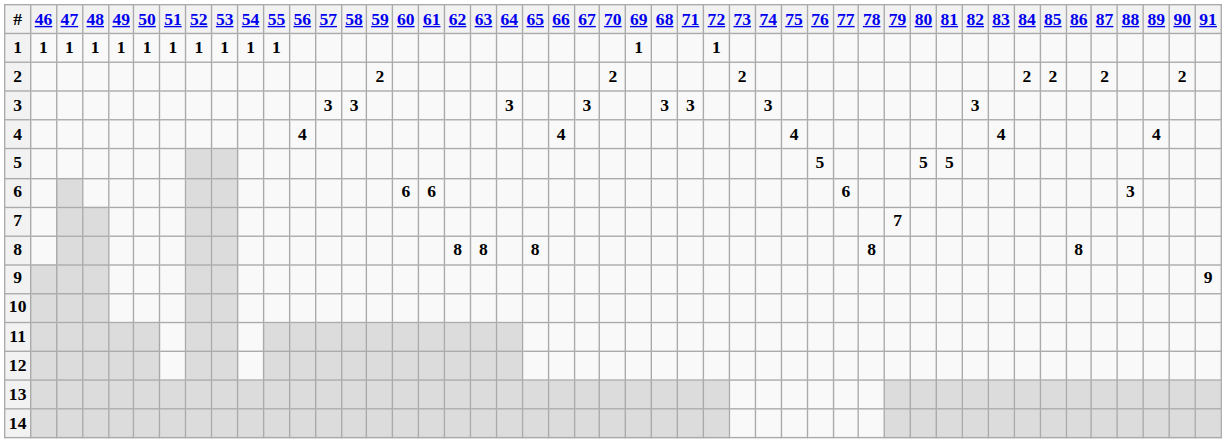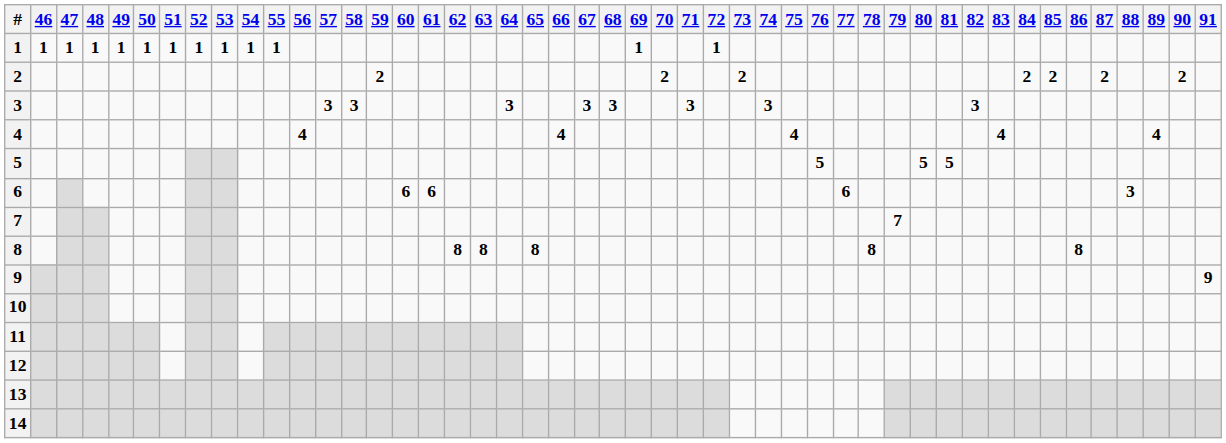 <table class="wikitable" style="text-align: center; font-size:80%">
 <tr>
 <th>#</th>
 <th><strong><a href='#'>46</a></strong></th>
 <th><strong><a href='#'>47</a></strong></th>
 <th><strong><a href='#'>48</a></strong></th>
 <th><strong><a href='#'>49</a></strong></th>
 <th><strong><a href='#'>50</a></strong></th>
 <th><strong><a href='#'>51</a></strong></th>
 <th><strong><a href='#'>52</a></strong></th>
 <th><strong><a href='#'>53</a></strong></th>
 <th><strong><a href='#'>54</a></strong></th>
 <th><strong><a href='#'>55</a></strong></th>
 <th><strong><a href='#'>56</a></strong></th>
 <th><strong><a href='#'>57</a></strong></th>
 <th><strong><a href='#'>58</a></strong></th>
 <th><strong><a href='#'>59</a></strong></th>
 <th><strong><a href='#'>60</a></strong></th>
 <th><strong><a href='#'>61</a></strong></th>
 <th><strong><a href='#'>62</a></strong></th>
 <th><strong><a href='#'>63</a></strong></th>
 <th><strong><a href='#'>64</a></strong></th>
 <th><strong><a href='#'>65</a></strong></th>
 <th><strong><a href='#'>66</a></strong></th>
 <th><strong><a href='#'>67</a></strong></th>
+<th><strong><a href='#'>68</a></strong></th>
+<th><strong><a href='#'>69</a></strong></th>
 <th><strong><a href='#'>70</a></strong></th>
-<th><strong><a href='#'>69</a></strong></th>
-<th><strong><a href='#'>68</a></strong></th>
 <th><strong><a href='#'>71</a></strong></th>
 <th><strong><a href='#'>72</a></strong></th>
 <th><strong><a href='#'>73</a></strong></th>
 <th><strong><a href='#'>74</a></strong></th>
 <th><strong><a href='#'>75</a></strong></th>
 <th><strong><a href='#'>76</a></strong></th>
 <th><strong><a href='#'>77</a></strong></th>
 <th><strong><a href='#'>78</a></strong></th>
 <th><strong><a href='#'>79</a></strong></th>
 <th><strong><a href='#'>80</a></strong></th>
 <th><strong><a href='#'>81</a></strong></th>
 <th><strong><a href='#'>82</a></strong></th>
 <th><strong><a href='#'>83</a></strong></th>
 <th><strong><a href='#'>84</a></strong></th>
 <th><strong><a href='#'>85</a></strong></th>
 <th><strong><a href='#'>86</a></strong></th>
 <th><strong><a href='#'>87</a></strong></th>
 <th><strong><a href='#'>88</a></strong></th>
 <th><strong><a href='#'>89</a></strong></th>
 <th><strong><a href='#'>90</a></strong></th>
 <th><strong><a href='#'>91</a></strong></th>
 </tr>
 <tr>
 <th>1</th>
 <td><span><strong>1</strong></span></td>
 <td><span><strong>1</strong></span></td>
 <td><span><strong>1</strong></span></td>
 <td><span><strong>1</strong></span></td>
 <td><span><strong>1</strong></span></td>
 <td><span><strong>1</strong></span></td>
 <td><span><strong>1</strong></span></td>
 <td><span><strong>1</strong></span></td>
 <td><span><strong>1</strong></span></td>
 <td><span><strong>1</strong></span></td>
 <td></td>
 <td></td>
 <td></td>
 <td></td>
 <td></td>
 <td></td>
 <td></td>
 <td></td>
 <td></td>
 <td></td>
 <td></td>
 <td></td>
 <td></td>
 <td><span><strong>1</strong></span></td>
 <td></td>
 <td></td>
 <td><span><strong>1</strong></span></td>
 <td></td>
 <td></td>
 <td></td>
 <td></td>
 <td></td>
 <td></td>
 <td></td>
 <td></td>
 <td></td>
 <td></td>
 <td></td>
 <td></td>
 <td></td>
 <td></td>
 <td></td>
 <td></td>
 <td></td>
 <td></td>
 <td></td>
 </tr>
 <tr>
 <th>2</th>
 <td></td>
 <td></td>
 <td></td>
 <td></td>
 <td></td>
 <td></td>
 <td></td>
 <td></td>
 <td></td>
 <td></td>
 <td></td>
 <td></td>
 <td></td>
 <td><span><strong>2</strong></span></td>
 <td></td>
 <td></td>
 <td></td>
 <td></td>
 <td></td>
 <td></td>
 <td></td>
 <td></td>
-<td><span><strong>2</strong></span></td>
 <td></td>
 <td></td>
+<td><span><strong>2</strong></span></td>
 <td></td>
 <td></td>
 <td><span><strong>2</strong></span></td>
 <td></td>
 <td></td>
 <td></td>
 <td></td>
 <td></td>
 <td></td>
 <td></td>
 <td></td>
 <td></td>
 <td></td>
 <td><span><strong>2</strong></span></td>
 <td><span><strong>2</strong></span></td>
 <td></td>
 <td><span><strong>2</strong></span></td>
 <td></td>
 <td></td>
 <td><span><strong>2</strong></span></td>
 <td></td>
 </tr>
 <tr>
 <th>3</th>
 <td></td>
 <td></td>
 <td></td>
 <td></td>
 <td></td>
 <td></td>
 <td></td>
 <td></td>
 <td></td>
 <td></td>
 <td></td>
 <td><span><strong>3</strong></span></td>
 <td><span><strong>3</strong></span></td>
 <td></td>
 <td></td>
 <td></td>
 <td></td>
 <td></td>
 <td><span><strong>3</strong></span></td>
 <td></td>
 <td></td>
 <td><span><strong>3</strong></span></td>
+<td><span><strong>3</strong></span></td>
 <td></td>
 <td></td>
-<td><span><strong>3</strong></span></td>
 <td><span><strong>3</strong></span></td>
 <td></td>
 <td></td>
 <td><span><strong>3</strong></span></td>
 <td></td>
 <td></td>
 <td></td>
 <td></td>
 <td></td>
 <td></td>
 <td></td>
 <td><span><strong>3</strong></span></td>
 <td></td>
 <td></td>
 <td></td>
 <td></td>
 <td></td>
 <td></td>
 <td></td>
 <td></td>
 <td></td>
 </tr>
 <tr>
 <th>4</th>
 <td></td>
 <td></td>
 <td></td>
 <td></td>
 <td></td>
 <td></td>
 <td></td>
 <td></td>
 <td></td>
 <td></td>
 <td><span><strong>4</strong></span></td>
 <td></td>
 <td></td>
 <td></td>
 <td></td>
 <td></td>
 <td></td>
 <td></td>
 <td></td>
 <td></td>
 <td><span><strong>4</strong></span></td>
 <td></td>
 <td></td>
 <td></td>
 <td></td>
 <td></td>
 <td></td>
 <td></td>
 <td></td>
 <td><span><strong>4</strong></span></td>
 <td></td>
 <td></td>
 <td></td>
 <td></td>
 <td></td>
 <td></td>
 <td></td>
 <td><span><strong>4</strong></span></td>
 <td></td>
 <td></td>
 <td></td>
 <td></td>
 <td></td>
 <td><span><strong>4</strong></span></td>
 <td></td>
 <td></td>
 </tr>
 <tr>
 <th>5</th>
 <td></td>
 <td></td>
 <td></td>
 <td></td>
 <td></td>
 <td></td>
 <td style="background:#dcdcdc"></td>
 <td style="background:#dcdcdc"></td>
 <td></td>
 <td></td>
 <td></td>
 <td></td>
 <td></td>
 <td></td>
 <td></td>
 <td></td>
 <td></td>
 <td></td>
 <td></td>
 <td></td>
 <td></td>
 <td></td>
 <td></td>
 <td></td>
 <td></td>
 <td></td>
 <td></td>
 <td></td>
 <td></td>
 <td></td>
 <td><span><strong>5</strong></span></td>
 <td></td>
 <td></td>
 <td></td>
 <td><span><strong>5</strong></span></td>
 <td><span><strong>5</strong></span></td>
 <td></td>
 <td></td>
 <td></td>
 <td></td>
 <td></td>
 <td></td>
 <td></td>
 <td></td>
 <td></td>
 <td></td>
 </tr>
 <tr>
 <th>6</th>
 <td></td>
 <td style="background:#dcdcdc"></td>
 <td></td>
 <td></td>
 <td></td>
 <td></td>
 <td style="background:#dcdcdc"></td>
 <td style="background:#dcdcdc"></td>
 <td></td>
 <td></td>
 <td></td>
 <td></td>
 <td></td>
 <td></td>
 <td><span><strong>6</strong></span></td>
 <td><span><strong>6</strong></span></td>
 <td></td>
 <td></td>
 <td></td>
 <td></td>
 <td></td>
 <td></td>
 <td></td>
 <td></td>
 <td></td>
 <td></td>
 <td></td>
 <td></td>
 <td></td>
 <td></td>
 <td></td>
 <td><span><strong>6</strong></span></td>
 <td></td>
 <td></td>
 <td></td>
 <td></td>
 <td></td>
 <td></td>
 <td></td>
 <td></td>
 <td></td>
 <td></td>
 <td><span><strong>3</strong></span></td>
 <td></td>
 <td></td>
 <td></td>
 </tr>
 <tr>
 <th>7</th>
 <td></td>
 <td style="background:#dcdcdc"></td>
 <td style="background:#dcdcdc"></td>
 <td></td>
 <td></td>
 <td></td>
 <td style="background:#dcdcdc"></td>
 <td style="background:#dcdcdc"></td>
 <td></td>
 <td></td>
 <td></td>
 <td></td>
 <td></td>
 <td></td>
 <td></td>
 <td></td>
 <td></td>
 <td></td>
 <td></td>
 <td></td>
 <td></td>
 <td></td>
 <td></td>
 <td></td>
 <td></td>
 <td></td>
 <td></td>
 <td></td>
 <td></td>
 <td></td>
 <td></td>
 <td></td>
 <td></td>
 <td><span><strong>7</strong></span></td>
 <td></td>
 <td></td>
 <td></td>
 <td></td>
 <td></td>
 <td></td>
 <td></td>
 <td></td>
 <td></td>
 <td></td>
 <td></td>
 <td></td>
 </tr>
 <tr>
 <th>8</th>
 <td></td>
 <td style="background:#dcdcdc"></td>
 <td style="background:#dcdcdc"></td>
 <td></td>
 <td></td>
 <td></td>
 <td style="background:#dcdcdc"></td>
 <td style="background:#dcdcdc"></td>
 <td></td>
 <td></td>
 <td></td>
 <td></td>
 <td></td>
 <td></td>
 <td></td>
 <td></td>
 <td><span><strong>8</strong></span></td>
 <td><span><strong>8</strong></span></td>
 <td></td>
 <td><span><strong>8</strong></span></td>
 <td></td>
 <td></td>
 <td></td>
 <td></td>
 <td></td>
 <td></td>
 <td></td>
 <td></td>
 <td></td>
 <td></td>
 <td></td>
 <td></td>
 <td><span><strong>8</strong></span></td>
 <td></td>
 <td></td>
 <td></td>
 <td></td>
 <td></td>
 <td></td>
 <td></td>
 <td><span><strong>8</strong></span></td>
 <td></td>
 <td></td>
 <td></td>
 <td></td>
 <td></td>
 </tr>
 <tr>
 <th>9</th>
 <td style="background:#dcdcdc"></td>
 <td style="background:#dcdcdc"></td>
 <td style="background:#dcdcdc"></td>
 <td></td>
 <td></td>
 <td></td>
 <td style="background:#dcdcdc"></td>
 <td style="background:#dcdcdc"></td>
 <td></td>
 <td></td>
 <td></td>
 <td></td>
 <td></td>
 <td></td>
 <td></td>
 <td></td>
 <td></td>
 <td></td>
 <td></td>
 <td></td>
 <td></td>
 <td></td>
 <td></td>
 <td></td>
 <td></td>
 <td></td>
 <td></td>
 <td></td>
 <td></td>
 <td></td>
 <td></td>
 <td></td>
 <td></td>
 <td></td>
 <td></td>
 <td></td>
 <td></td>
 <td></td>
 <td></td>
 <td></td>
 <td></td>
 <td></td>
 <td></td>
 <td></td>
 <td></td>
 <td><span><strong>9</strong></span></td>
 </tr>
 <tr>
 <th>10</th>
 <td style="background:#dcdcdc"></td>
 <td style="background:#dcdcdc"></td>
 <td style="background:#dcdcdc"></td>
 <td></td>
 <td></td>
 <td></td>
 <td style="background:#dcdcdc"></td>
 <td style="background:#dcdcdc"></td>
 <td></td>
 <td></td>
 <td></td>
 <td></td>
 <td></td>
 <td></td>
 <td></td>
 <td></td>
 <td></td>
 <td></td>
 <td></td>
 <td></td>
 <td></td>
 <td></td>
 <td></td>
 <td></td>
 <td></td>
 <td></td>
 <td></td>
 <td></td>
 <td></td>
 <td></td>
 <td></td>
 <td></td>
 <td></td>
 <td></td>
 <td></td>
 <td></td>
 <td></td>
 <td></td>
 <td></td>
 <td></td>
 <td></td>
 <td></td>
 <td></td>
 <td></td>
 <td></td>
 <td></td>
 </tr>
 <tr>
 <th>11</th>
 <td style="background:#dcdcdc"></td>
 <td style="background:#dcdcdc"></td>
 <td style="background:#dcdcdc"></td>
 <td style="background:#dcdcdc"></td>
 <td style="background:#dcdcdc"></td>
 <td></td>
 <td style="background:#dcdcdc"></td>
 <td style="background:#dcdcdc"></td>
 <td></td>
 <td style="background:#dcdcdc"></td>
 <td style="background:#dcdcdc"></td>
 <td style="background:#dcdcdc"></td>
 <td style="background:#dcdcdc"></td>
 <td style="background:#dcdcdc"></td>
 <td style="background:#dcdcdc"></td>
 <td style="background:#dcdcdc"></td>
 <td style="background:#dcdcdc"></td>
 <td style="background:#dcdcdc"></td>
 <td style="background:#dcdcdc"></td>
 <td></td>
 <td></td>
 <td></td>
 <td></td>
 <td></td>
 <td></td>
 <td></td>
 <td></td>
 <td></td>
 <td></td>
 <td></td>
 <td></td>
 <td></td>
 <td></td>
 <td></td>
 <td></td>
 <td></td>
 <td></td>
 <td></td>
 <td></td>
 <td></td>
 <td></td>
 <td></td>
 <td></td>
 <td></td>
 <td></td>
 <td></td>
 </tr>
 <tr>
 <th>12</th>
 <td style="background:#dcdcdc"></td>
 <td style="background:#dcdcdc"></td>
 <td style="background:#dcdcdc"></td>
 <td style="background:#dcdcdc"></td>
 <td style="background:#dcdcdc"></td>
 <td></td>
 <td style="background:#dcdcdc"></td>
 <td style="background:#dcdcdc"></td>
 <td></td>
 <td style="background:#dcdcdc"></td>
 <td style="background:#dcdcdc"></td>
 <td style="background:#dcdcdc"></td>
 <td style="background:#dcdcdc"></td>
 <td style="background:#dcdcdc"></td>
 <td style="background:#dcdcdc"></td>
 <td style="background:#dcdcdc"></td>
 <td style="background:#dcdcdc"></td>
 <td style="background:#dcdcdc"></td>
 <td style="background:#dcdcdc"></td>
 <td></td>
 <td></td>
 <td></td>
 <td></td>
 <td></td>
 <td></td>
 <td></td>
 <td></td>
 <td></td>
 <td></td>
 <td></td>
 <td></td>
 <td></td>
 <td></td>
 <td></td>
 <td></td>
 <td></td>
 <td></td>
 <td></td>
 <td></td>
 <td></td>
 <td></td>
 <td></td>
 <td></td>
 <td></td>
 <td></td>
 <td></td>
 </tr>
 <tr>
 <th>13</th>
 <td style="background:#dcdcdc"></td>
 <td style="background:#dcdcdc"></td>
 <td style="background:#dcdcdc"></td>
 <td style="background:#dcdcdc"></td>
 <td style="background:#dcdcdc"></td>
 <td style="background:#dcdcdc"></td>
 <td style="background:#dcdcdc"></td>
 <td style="background:#dcdcdc"></td>
 <td style="background:#dcdcdc"></td>
 <td style="background:#dcdcdc"></td>
 <td style="background:#dcdcdc"></td>
 <td style="background:#dcdcdc"></td>
 <td style="background:#dcdcdc"></td>
 <td style="background:#dcdcdc"></td>
 <td style="background:#dcdcdc"></td>
 <td style="background:#dcdcdc"></td>
 <td style="background:#dcdcdc"></td>
 <td style="background:#dcdcdc"></td>
 <td style="background:#dcdcdc"></td>
 <td style="background:#dcdcdc"></td>
 <td style="background:#dcdcdc"></td>
 <td style="background:#dcdcdc"></td>
 <td style="background:#dcdcdc"></td>
 <td style="background:#dcdcdc"></td>
 <td style="background:#dcdcdc"></td>
 <td style="background:#dcdcdc"></td>
 <td style="background:#dcdcdc"></td>
 <td></td>
 <td></td>
 <td></td>
 <td></td>
 <td></td>
 <td></td>
 <td style="background:#dcdcdc"></td>
 <td style="background:#dcdcdc"></td>
 <td style="background:#dcdcdc"></td>
 <td style="background:#dcdcdc"></td>
 <td style="background:#dcdcdc"></td>
 <td style="background:#dcdcdc"></td>
 <td style="background:#dcdcdc"></td>
 <td style="background:#dcdcdc"></td>
 <td style="background:#dcdcdc"></td>
 <td style="background:#dcdcdc"></td>
 <td style="background:#dcdcdc"></td>
 <td style="background:#dcdcdc"></td>
 <td style="background:#dcdcdc"></td>
 </tr>
 <tr>
 <th>14</th>
 <td style="background:#dcdcdc"></td>
 <td style="background:#dcdcdc"></td>
 <td style="background:#dcdcdc"></td>
 <td style="background:#dcdcdc"></td>
 <td style="background:#dcdcdc"></td>
 <td style="background:#dcdcdc"></td>
 <td style="background:#dcdcdc"></td>
 <td style="background:#dcdcdc"></td>
 <td style="background:#dcdcdc"></td>
 <td style="background:#dcdcdc"></td>
 <td style="background:#dcdcdc"></td>
 <td style="background:#dcdcdc"></td>
 <td style="background:#dcdcdc"></td>
 <td style="background:#dcdcdc"></td>
 <td style="background:#dcdcdc"></td>
 <td style="background:#dcdcdc"></td>
 <td style="background:#dcdcdc"></td>
 <td style="background:#dcdcdc"></td>
 <td style="background:#dcdcdc"></td>
 <td style="background:#dcdcdc"></td>
 <td style="background:#dcdcdc"></td>
 <td style="background:#dcdcdc"></td>
 <td style="background:#dcdcdc"></td>
 <td style="background:#dcdcdc"></td>
 <td style="background:#dcdcdc"></td>
 <td style="background:#dcdcdc"></td>
 <td style="background:#dcdcdc"></td>
 <td></td>
 <td></td>
 <td></td>
 <td></td>
 <td></td>
 <td></td>
 <td style="background:#dcdcdc"></td>
 <td style="background:#dcdcdc"></td>
 <td style="background:#dcdcdc"></td>
 <td style="background:#dcdcdc"></td>
 <td style="background:#dcdcdc"></td>
 <td style="background:#dcdcdc"></td>
 <td style="background:#dcdcdc"></td>
 <td style="background:#dcdcdc"></td>
 <td style="background:#dcdcdc"></td>
 <td style="background:#dcdcdc"></td>
 <td style="background:#dcdcdc"></td>
 <td style="background:#dcdcdc"></td>
 <td style="background:#dcdcdc"></td>
 </tr>
 </table>
